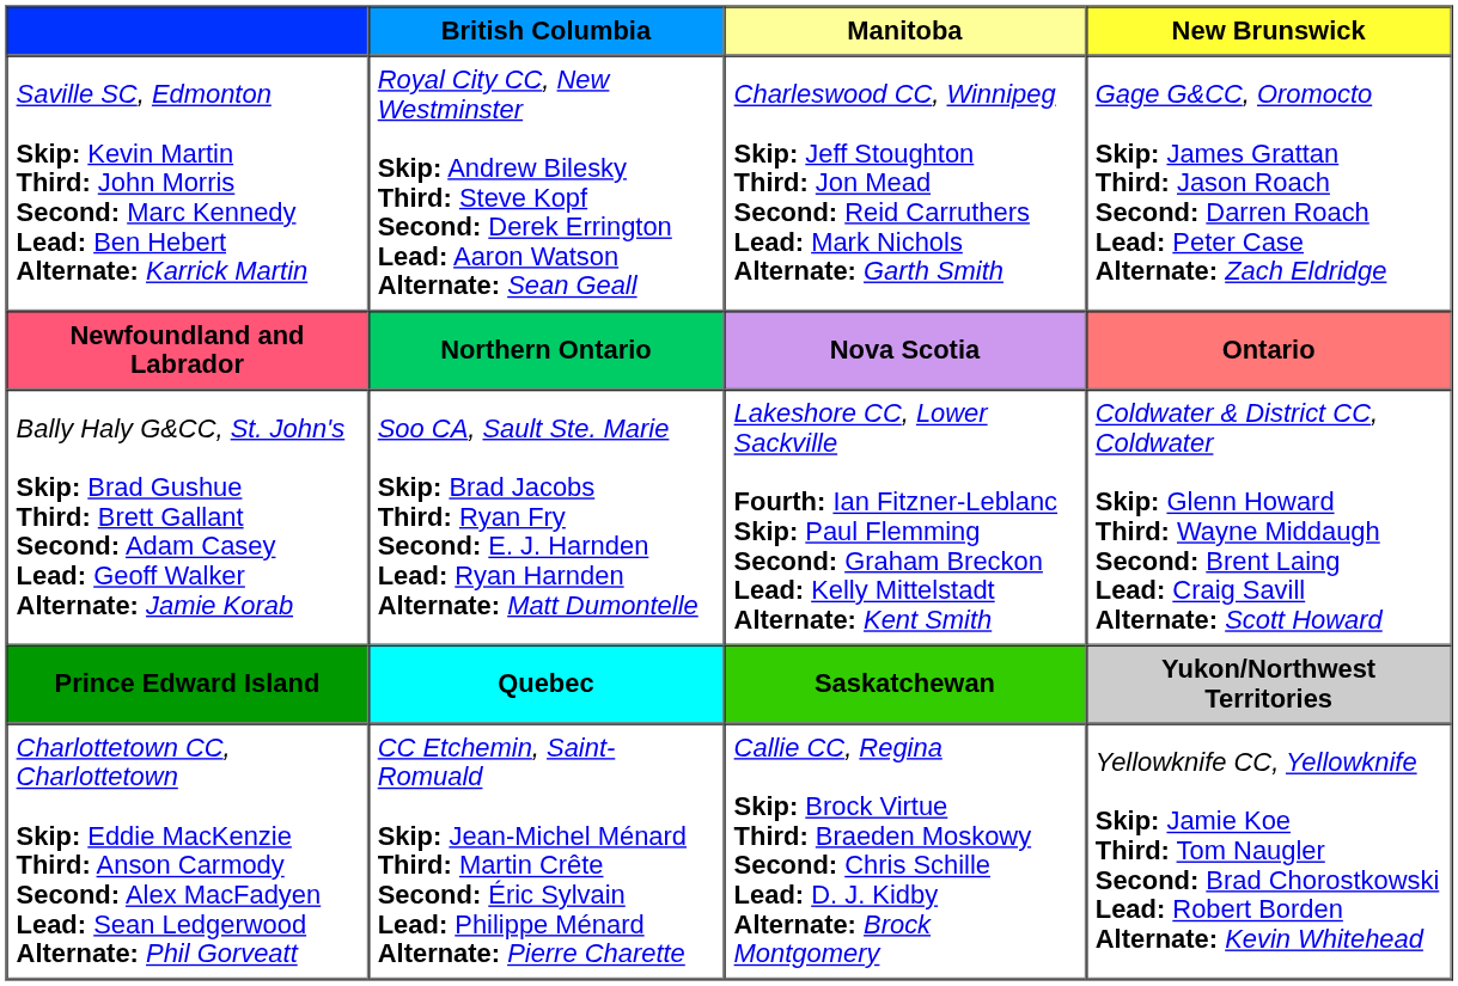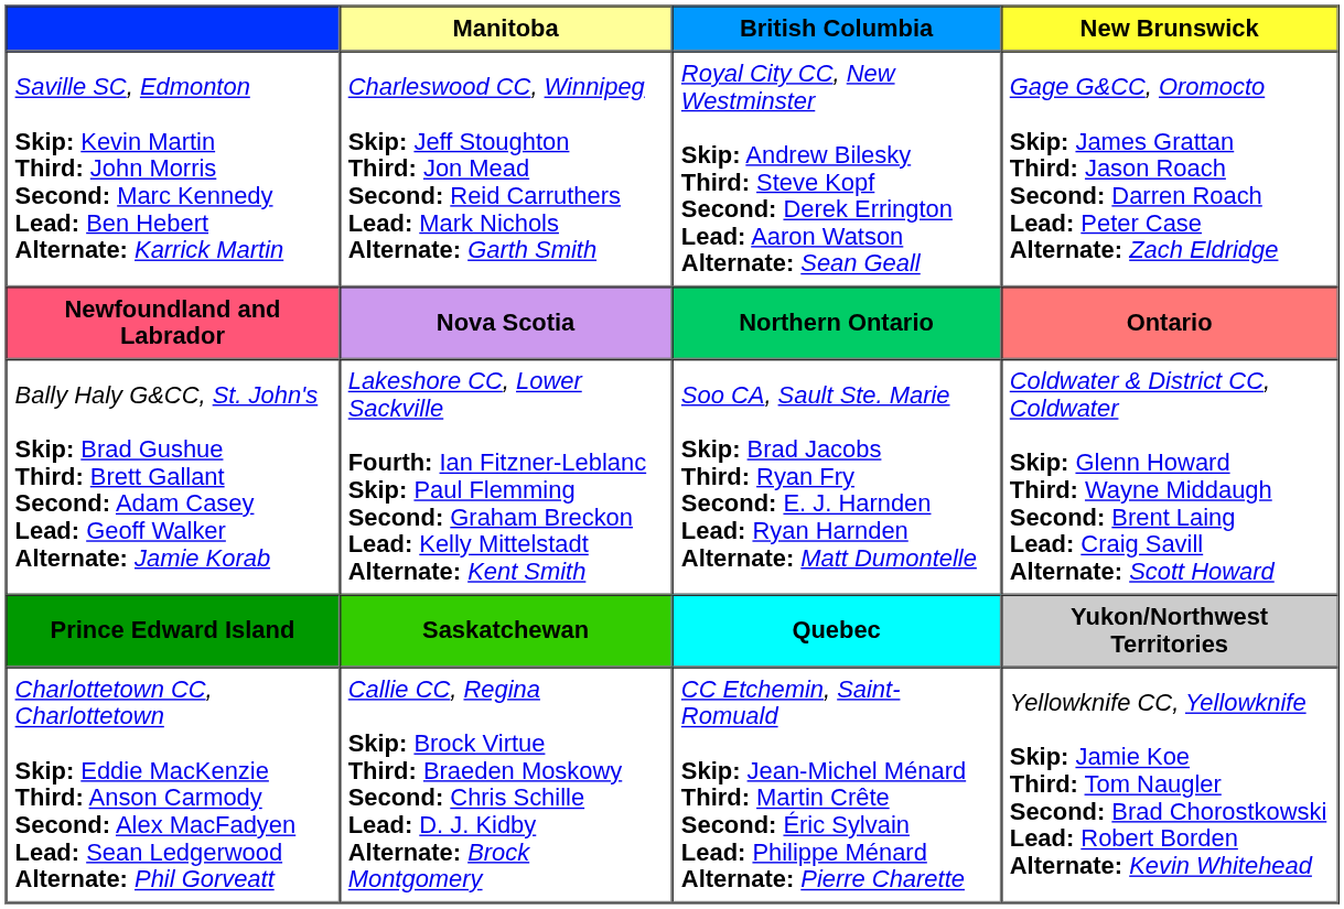 <table border=1 cellpadding=5 cellspacing=0>
 <tr>
 <th bgcolor=#0033ff width=225></th>
+<th bgcolor=#ffff99 width=225>Manitoba</th>
 <th bgcolor=#0099ff width=225>British Columbia</th>
-<th bgcolor=#ffff99 width=225>Manitoba</th>
 <th bgcolor=#ffff33 width=225>New Brunswick</th>
 </tr>
 <tr>
 <td><em><a href='#'>Saville SC</a>, <a href='#'>Edmonton</a></em><br><br><strong>Skip:</strong> <a href='#'>Kevin Martin</a> <br> <strong>Third:</strong> <a href='#'>John Morris</a> <br> <strong>Second:</strong> <a href='#'>Marc Kennedy</a> <br> <strong>Lead:</strong> <a href='#'>Ben Hebert</a> <br> <strong>Alternate:</strong> <em><a href='#'>Karrick Martin</a></em></td>
+<td><em><a href='#'>Charleswood CC</a>, <a href='#'>Winnipeg</a></em><br><br><strong>Skip:</strong> <a href='#'>Jeff Stoughton</a> <br> <strong>Third:</strong> <a href='#'>Jon Mead</a> <br> <strong>Second:</strong> <a href='#'>Reid Carruthers</a> <br> <strong>Lead:</strong> <a href='#'>Mark Nichols</a> <br> <strong>Alternate:</strong> <em><a href='#'>Garth Smith</a></em></td>
 <td><em><a href='#'>Royal City CC</a>, <a href='#'>New Westminster</a></em><br><br><strong>Skip:</strong> <a href='#'>Andrew Bilesky</a><br>  <strong>Third:</strong> <a href='#'>Steve Kopf</a><br> <strong>Second:</strong> <a href='#'>Derek Errington</a><br> <strong>Lead:</strong> <a href='#'>Aaron Watson</a> <br> <strong>Alternate:</strong> <em><a href='#'>Sean Geall</a></em></td>
-<td><em><a href='#'>Charleswood CC</a>, <a href='#'>Winnipeg</a></em><br><br><strong>Skip:</strong> <a href='#'>Jeff Stoughton</a> <br> <strong>Third:</strong> <a href='#'>Jon Mead</a> <br> <strong>Second:</strong> <a href='#'>Reid Carruthers</a> <br> <strong>Lead:</strong> <a href='#'>Mark Nichols</a> <br> <strong>Alternate:</strong> <em><a href='#'>Garth Smith</a></em></td>
 <td><em><a href='#'>Gage G&CC</a>, <a href='#'>Oromocto</a></em><br><br><strong>Skip:</strong> <a href='#'>James Grattan</a><br> <strong>Third:</strong> <a href='#'>Jason Roach</a><br> <strong>Second:</strong> <a href='#'>Darren Roach</a><br> <strong>Lead:</strong> <a href='#'>Peter Case</a> <br> <strong>Alternate:</strong> <em><a href='#'>Zach Eldridge</a></em></td>
 </tr>
 <tr border=1 cellpadding=5 cellspacing=0>
 <th bgcolor=#ff5577 width=200>Newfoundland and Labrador</th>
+<th bgcolor=#cc99ee width=200>Nova Scotia</th>
 <th bgcolor=#00CC66 width=200>Northern Ontario</th>
-<th bgcolor=#cc99ee width=200>Nova Scotia</th>
 <th bgcolor=#ff7777 width=200>Ontario</th>
 </tr>
 <tr>
 <td><em>Bally Haly G&CC, <a href='#'>St. John's</a></em><br><br><strong>Skip:</strong> <a href='#'>Brad Gushue</a><br>    <strong>Third:</strong> <a href='#'>Brett Gallant</a><br> <strong>Second:</strong> <a href='#'>Adam Casey</a><br> <strong>Lead:</strong> <a href='#'>Geoff Walker</a> <br> <strong>Alternate:</strong> <em><a href='#'>Jamie Korab</a></em></td>
+<td><em><a href='#'>Lakeshore CC</a>, <a href='#'>Lower Sackville</a></em><br><br><strong>Fourth:</strong> <a href='#'>Ian Fitzner-Leblanc</a> <br> <strong>Skip:</strong> <a href='#'>Paul Flemming</a> <br> <strong>Second:</strong> <a href='#'>Graham Breckon</a> <br> <strong>Lead:</strong> <a href='#'>Kelly Mittelstadt</a> <br> <strong>Alternate:</strong> <em><a href='#'>Kent Smith</a></em></td>
 <td><em><a href='#'>Soo CA</a>, <a href='#'>Sault Ste. Marie</a></em><br><br><strong>Skip:</strong> <a href='#'>Brad Jacobs</a><br>    <strong>Third:</strong> <a href='#'>Ryan Fry</a><br> <strong>Second:</strong> <a href='#'>E. J. Harnden</a><br> <strong>Lead:</strong> <a href='#'>Ryan Harnden</a> <br> <strong>Alternate:</strong> <em><a href='#'>Matt Dumontelle</a></em></td>
-<td><em><a href='#'>Lakeshore CC</a>, <a href='#'>Lower Sackville</a></em><br><br><strong>Fourth:</strong> <a href='#'>Ian Fitzner-Leblanc</a> <br> <strong>Skip:</strong> <a href='#'>Paul Flemming</a> <br> <strong>Second:</strong> <a href='#'>Graham Breckon</a> <br> <strong>Lead:</strong> <a href='#'>Kelly Mittelstadt</a> <br> <strong>Alternate:</strong> <em><a href='#'>Kent Smith</a></em></td>
 <td><em><a href='#'>Coldwater & District CC</a>, <a href='#'>Coldwater</a></em><br><br><strong>Skip:</strong> <a href='#'>Glenn Howard</a> <br> <strong>Third:</strong> <a href='#'>Wayne Middaugh</a> <br> <strong>Second:</strong> <a href='#'>Brent Laing</a> <br> <strong>Lead:</strong> <a href='#'>Craig Savill</a> <br> <strong>Alternate:</strong> <em><a href='#'>Scott Howard</a></em></td>
 </tr>
 <tr border=1 cellpadding=5 cellspacing=0>
 <th bgcolor=#009900 width=200>Prince Edward Island</th>
+<th bgcolor=#33cc00 width=200>Saskatchewan</th>
 <th bgcolor=#00ffff width=200>Quebec</th>
-<th bgcolor=#33cc00 width=200>Saskatchewan</th>
 <th bgcolor=#cccccc width=200>Yukon/Northwest Territories</th>
 </tr>
 <tr>
 <td><em><a href='#'>Charlottetown CC</a>, <a href='#'>Charlottetown</a></em><br><br><strong>Skip:</strong> <a href='#'>Eddie MacKenzie</a> <br> <strong>Third:</strong> <a href='#'>Anson Carmody</a><br> <strong>Second:</strong> <a href='#'>Alex MacFadyen</a><br> <strong>Lead:</strong> <a href='#'>Sean Ledgerwood</a><br> <strong>Alternate:</strong> <em><a href='#'>Phil Gorveatt</a></em></td>
+<td><em><a href='#'>Callie CC</a>, <a href='#'>Regina</a></em><br><br><strong>Skip:</strong> <a href='#'>Brock Virtue</a><br> <strong>Third:</strong> <a href='#'>Braeden Moskowy</a><br> <strong>Second:</strong> <a href='#'>Chris Schille</a><br> <strong>Lead:</strong> <a href='#'>D. J. Kidby</a><br> <strong>Alternate:</strong> <em><a href='#'>Brock Montgomery</a></em></td>
 <td><em><a href='#'>CC Etchemin</a>, <a href='#'>Saint-Romuald</a></em><br><br><strong>Skip:</strong> <a href='#'>Jean-Michel Ménard</a><br> <strong>Third:</strong> <a href='#'>Martin Crête</a><br> <strong>Second:</strong> <a href='#'>Éric Sylvain</a> <br> <strong>Lead:</strong> <a href='#'>Philippe Ménard</a> <br> <strong>Alternate:</strong> <em><a href='#'>Pierre Charette</a></em></td>
-<td><em><a href='#'>Callie CC</a>, <a href='#'>Regina</a></em><br><br><strong>Skip:</strong> <a href='#'>Brock Virtue</a><br> <strong>Third:</strong> <a href='#'>Braeden Moskowy</a><br> <strong>Second:</strong> <a href='#'>Chris Schille</a><br> <strong>Lead:</strong> <a href='#'>D. J. Kidby</a><br> <strong>Alternate:</strong> <em><a href='#'>Brock Montgomery</a></em></td>
 <td><em>Yellowknife CC, <a href='#'>Yellowknife</a></em><br><br><strong>Skip:</strong> <a href='#'>Jamie Koe</a> <br> <strong>Third:</strong> <a href='#'>Tom Naugler</a> <br> <strong>Second:</strong> <a href='#'>Brad Chorostkowski</a> <br> <strong>Lead:</strong> <a href='#'>Robert Borden</a><br> <strong>Alternate:</strong> <em><a href='#'>Kevin Whitehead</a></em></td>
 </tr>
 </table>
